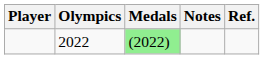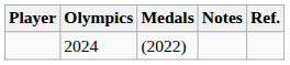 <table class="wikitable sortable">
 <tr>
 <th>Player</th>
 <th>Olympics</th>
 <th>Medals</th>
 <th>Notes</th>
 <th class="unsortable">Ref.</th>
 </tr>
 <tr>
 <td></td>
-<td align=left>2022</td>
-<td style="background: lightgreen;"> (2022)</td>
+<td align=left>2024</td>
+<td> (2022)</td>
 <td></td>
 <td></td>
 </tr>
 </table>
